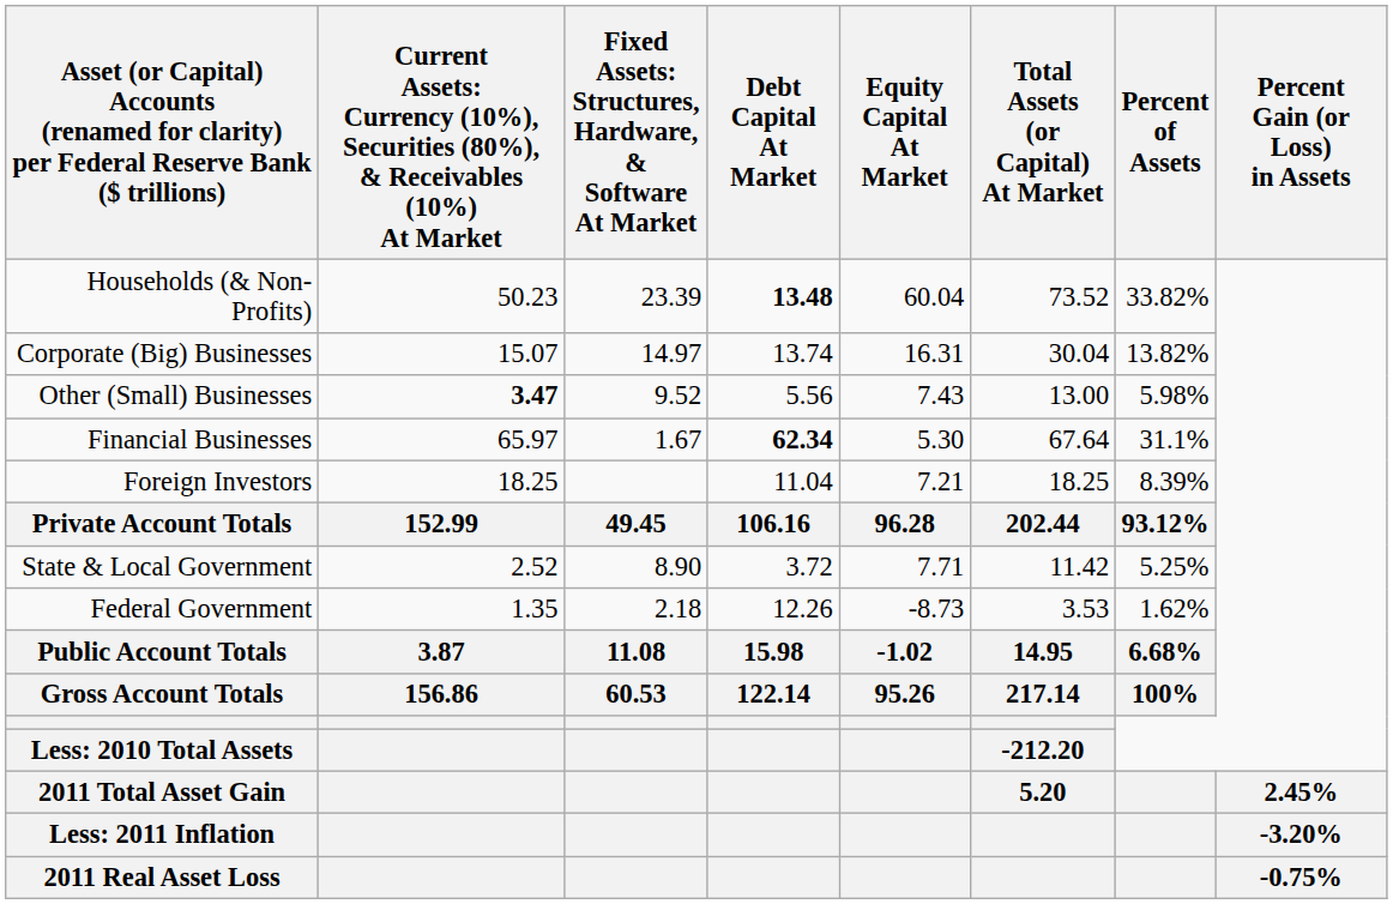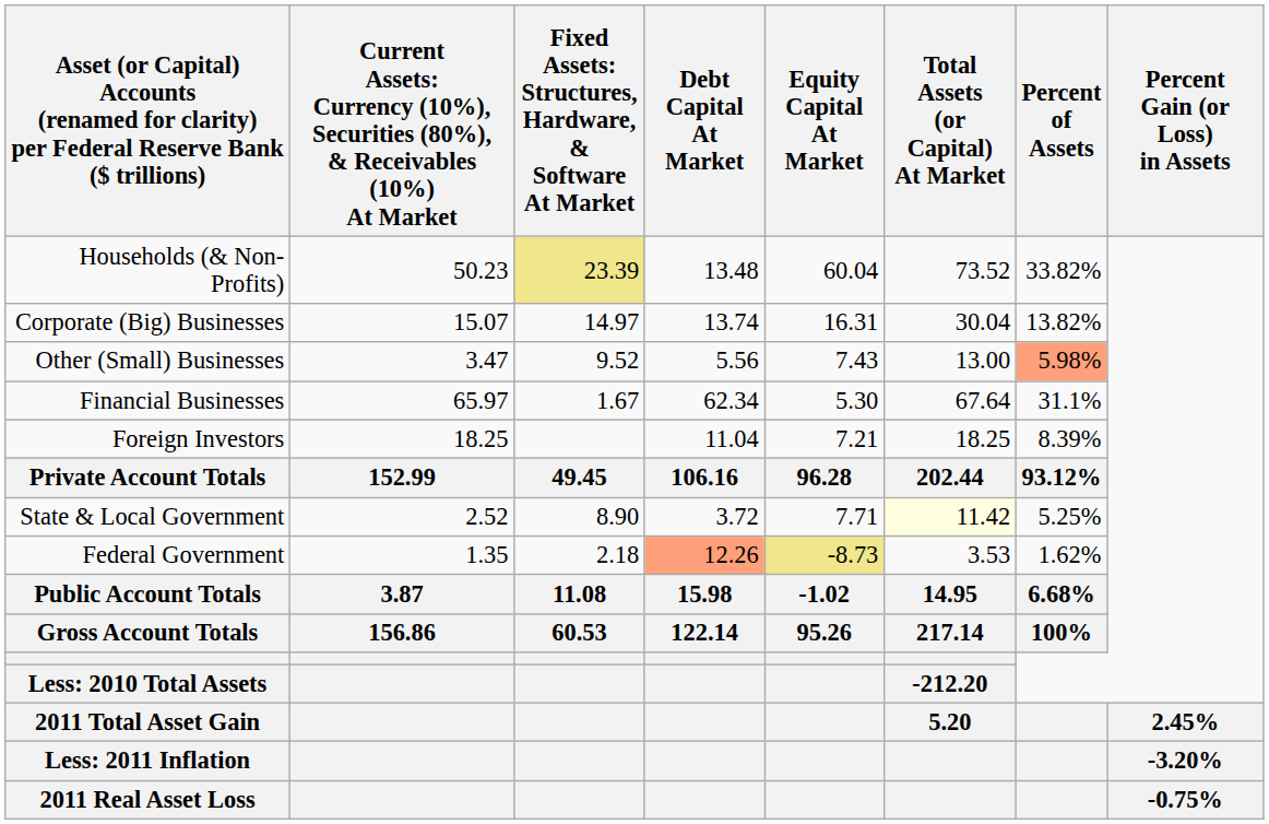 <table class="wikitable" style="text-align:right; margin-right:60px">
 <tr>
 <th>Asset (or Capital) Accounts <br>(renamed for clarity)<br>per Federal Reserve Bank<br> ($ trillions)</th>
 <th><br>Current<br>Assets:<br>Currency (10%),<br> Securities (80%),<br> & Receivables (10%)<br>At Market</th>
 <th>Fixed<br>Assets:<br>Structures,<br>Hardware,<br>& Software<br>At Market</th>
 <th>Debt<br>Capital<br>At Market</th>
 <th>Equity<br>Capital<br>At Market</th>
 <th>Total Assets<br>(or Capital)<br>At Market</th>
 <th>Percent<br>of<br>Assets</th>
 <th>Percent <br>Gain (or Loss)<br>in Assets</th>
 </tr>
 <tr>
 <td>Households (& Non-Profits)</td>
 <td>50.23</td>
-<td>23.39</td>
-<td><strong>13.48</strong></td>
+<td style="background: khaki;">23.39</td>
+<td>13.48</td>
 <td>60.04</td>
 <td>73.52</td>
 <td>33.82%</td>
 </tr>
 <tr>
 <td>Corporate (Big) Businesses</td>
 <td>15.07</td>
 <td>14.97</td>
 <td>13.74</td>
 <td>16.31</td>
 <td>30.04</td>
 <td>13.82%</td>
 </tr>
 <tr>
 <td>Other (Small) Businesses</td>
-<td><strong>3.47</strong></td>
+<td>3.47</td>
 <td>9.52</td>
 <td>5.56</td>
 <td>7.43</td>
 <td>13.00</td>
-<td>5.98%</td>
+<td style="background: lightsalmon;">5.98%</td>
 </tr>
 <tr>
 <td>Financial Businesses</td>
 <td>65.97</td>
 <td>1.67</td>
-<td><strong>62.34</strong></td>
+<td>62.34</td>
 <td>5.30</td>
 <td>67.64</td>
 <td>31.1%</td>
 </tr>
 <tr>
 <td>Foreign Investors</td>
 <td>18.25</td>
 <td></td>
 <td>11.04</td>
 <td>7.21</td>
 <td>18.25</td>
 <td>8.39%</td>
 </tr>
 <tr>
 <th>Private Account Totals</th>
 <th>152.99</th>
 <th>49.45</th>
 <th>106.16</th>
 <th>96.28</th>
 <th>202.44</th>
 <th>93.12%</th>
 </tr>
 <tr>
 <td>State & Local Government</td>
 <td>2.52</td>
 <td>8.90</td>
 <td>3.72</td>
 <td>7.71</td>
-<td>11.42</td>
+<td style="background: lightyellow;">11.42</td>
 <td>5.25%</td>
 </tr>
 <tr>
 <td>Federal Government</td>
 <td>1.35</td>
 <td>2.18</td>
-<td>12.26</td>
-<td>-8.73</td>
+<td style="background: lightsalmon;">12.26</td>
+<td style="background: khaki;">-8.73</td>
 <td>3.53</td>
 <td>1.62%</td>
 </tr>
 <tr>
 <th>Public Account Totals</th>
 <th>3.87</th>
 <th>11.08</th>
 <th>15.98</th>
 <th>-1.02</th>
 <th>14.95</th>
 <th>6.68%</th>
 </tr>
 <tr>
 <th>Gross Account Totals</th>
 <th>156.86</th>
 <th>60.53</th>
 <th>122.14</th>
 <th>95.26</th>
 <th>217.14</th>
 <th>100%</th>
 </tr>
 <tr>
 <th></th>
 <th></th>
 <th></th>
 <th></th>
 <th></th>
 <th></th>
 </tr>
 <tr>
 <th>Less: 2010 Total Assets</th>
 <th></th>
 <th></th>
 <th></th>
 <th></th>
 <th>-212.20</th>
 </tr>
 <tr>
 <th>2011 Total Asset Gain</th>
 <th></th>
 <th></th>
 <th></th>
 <th></th>
 <th>5.20</th>
 <th></th>
 <th>2.45%</th>
 </tr>
 <tr>
 <th>Less: 2011 Inflation</th>
 <th></th>
 <th></th>
 <th></th>
 <th></th>
 <th></th>
 <th></th>
 <th>-3.20%</th>
 </tr>
 <tr>
 <th>2011 Real Asset Loss</th>
 <th></th>
 <th></th>
 <th></th>
 <th></th>
 <th></th>
 <th></th>
 <th>-0.75%</th>
 </tr>
 <tr>
 </tr>
 </table>
